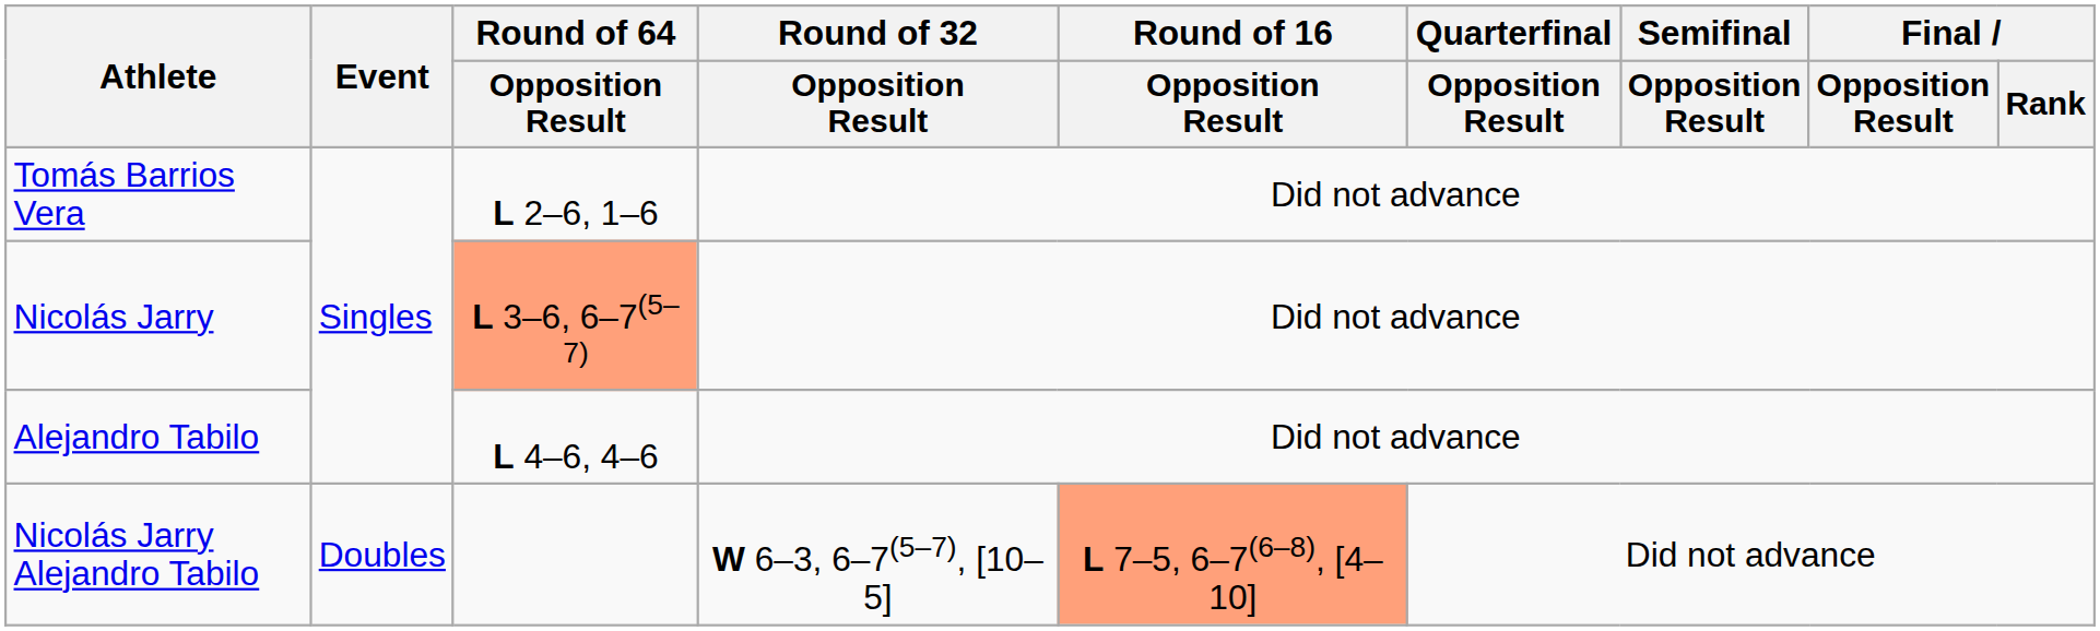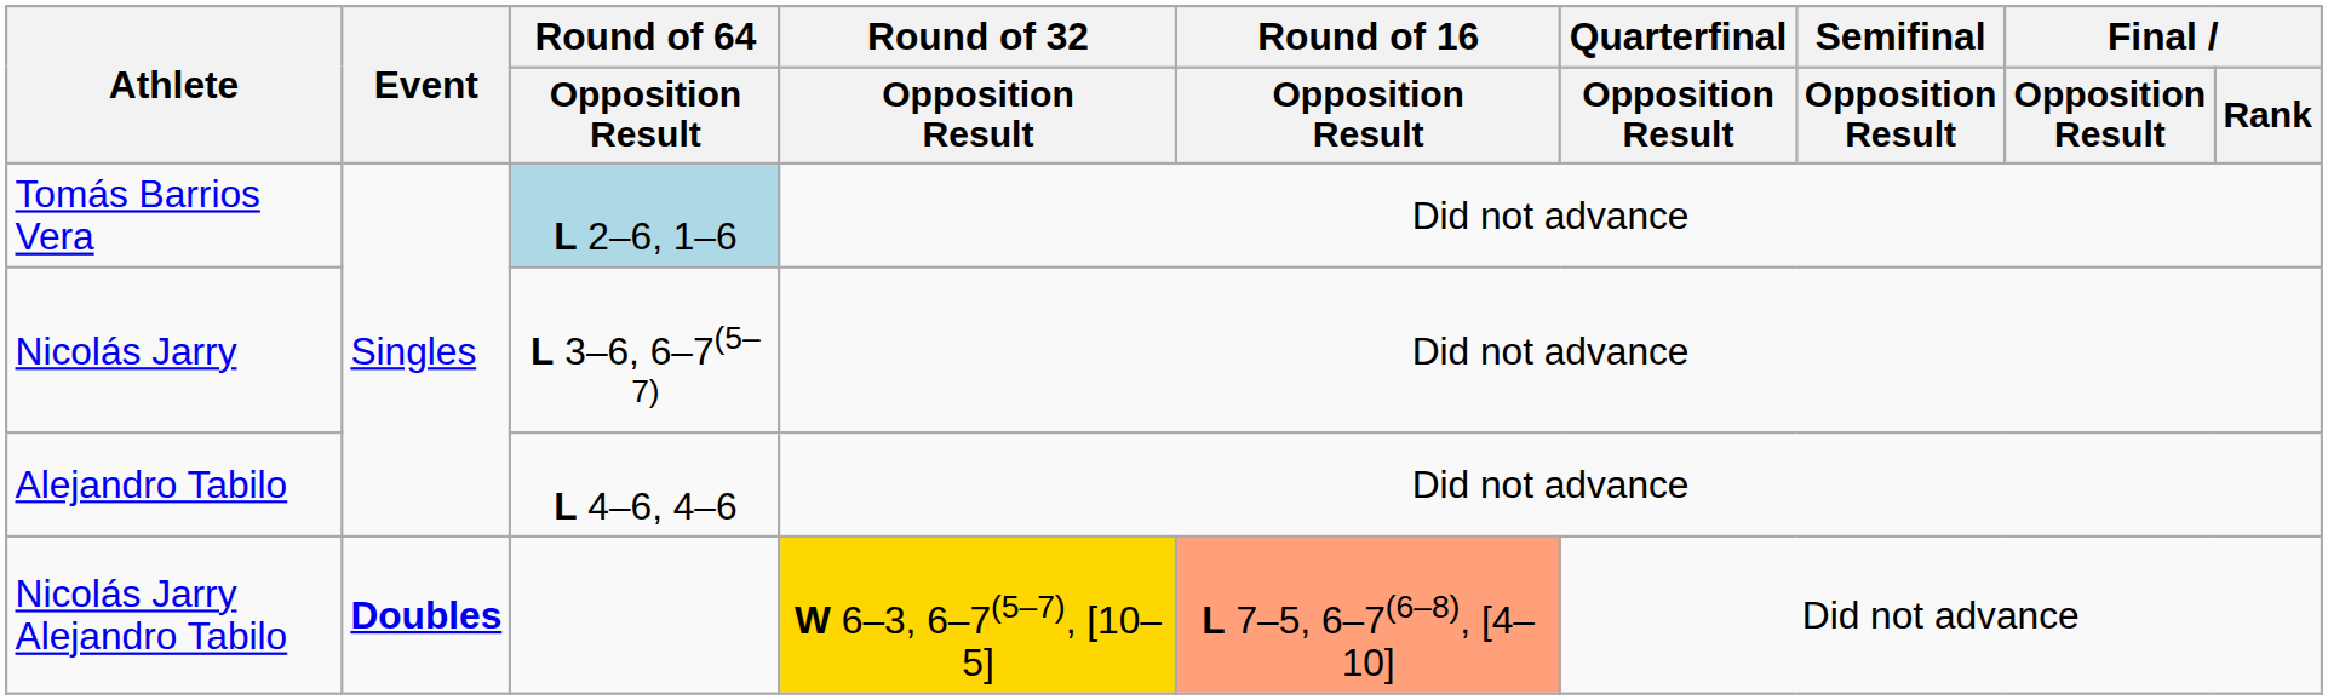 <table class="wikitable" style="font-size:90%;">
 <tr>
 <th rowspan=2>Athlete</th>
 <th rowspan=2>Event</th>
 <th>Round of 64</th>
 <th>Round of 32</th>
 <th>Round of 16</th>
 <th>Quarterfinal</th>
 <th>Semifinal</th>
 <th colspan=2>Final / </th>
 </tr>
 <tr style="font-size:95%">
 <th>Opposition<br>Result</th>
 <th>Opposition<br>Result</th>
 <th>Opposition<br>Result</th>
 <th>Opposition<br>Result</th>
 <th>Opposition<br>Result</th>
 <th>Opposition<br>Result</th>
 <th>Rank</th>
 </tr>
 <tr align=center>
 <td align=left><a href='#'>Tomás Barrios Vera</a></td>
 <td align=left rowspan=3><a href='#'>Singles</a></td>
-<td><br><strong>L</strong> 2–6, 1–6</td>
+<td style="background: lightblue;"><br><strong>L</strong> 2–6, 1–6</td>
 <td colspan=6>Did not advance</td>
 </tr>
 <tr align=center>
 <td align=left><a href='#'>Nicolás Jarry</a></td>
-<td style="background: lightsalmon;"><br><strong>L</strong> 3–6, 6–7<sup>(5–7)</sup></td>
+<td><br><strong>L</strong> 3–6, 6–7<sup>(5–7)</sup></td>
 <td colspan=6>Did not advance</td>
 </tr>
 <tr align=center>
 <td align=left><a href='#'>Alejandro Tabilo</a></td>
 <td><br><strong>L</strong> 4–6, 4–6</td>
 <td colspan=6>Did not advance</td>
 </tr>
 <tr align=center>
 <td align=left><a href='#'>Nicolás Jarry</a><br><a href='#'>Alejandro Tabilo</a></td>
-<td align=left><a href='#'>Doubles</a></td>
+<td align=left><strong><a href='#'>Doubles</a></strong></td>
 <td></td>
-<td><br><strong>W</strong> 6–3, 6–7<sup>(5–7)</sup>, [10–5]</td>
+<td style="background: gold;"><br><strong>W</strong> 6–3, 6–7<sup>(5–7)</sup>, [10–5]</td>
 <td style="background: lightsalmon;"><br><strong>L</strong> 7–5, 6–7<sup>(6–8)</sup>, [4–10]</td>
 <td colspan=4>Did not advance</td>
 </tr>
 </table>
